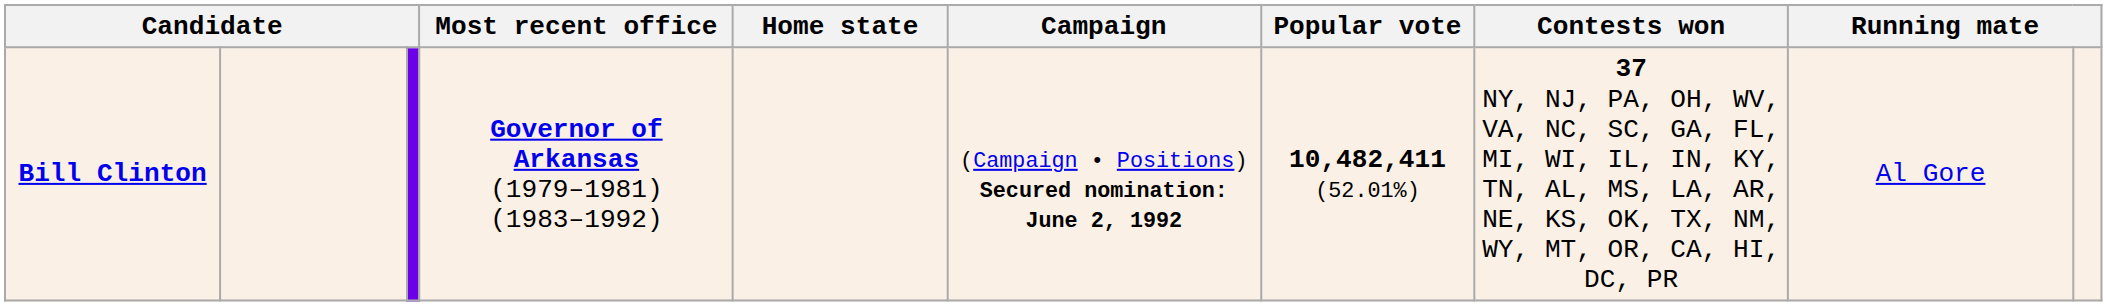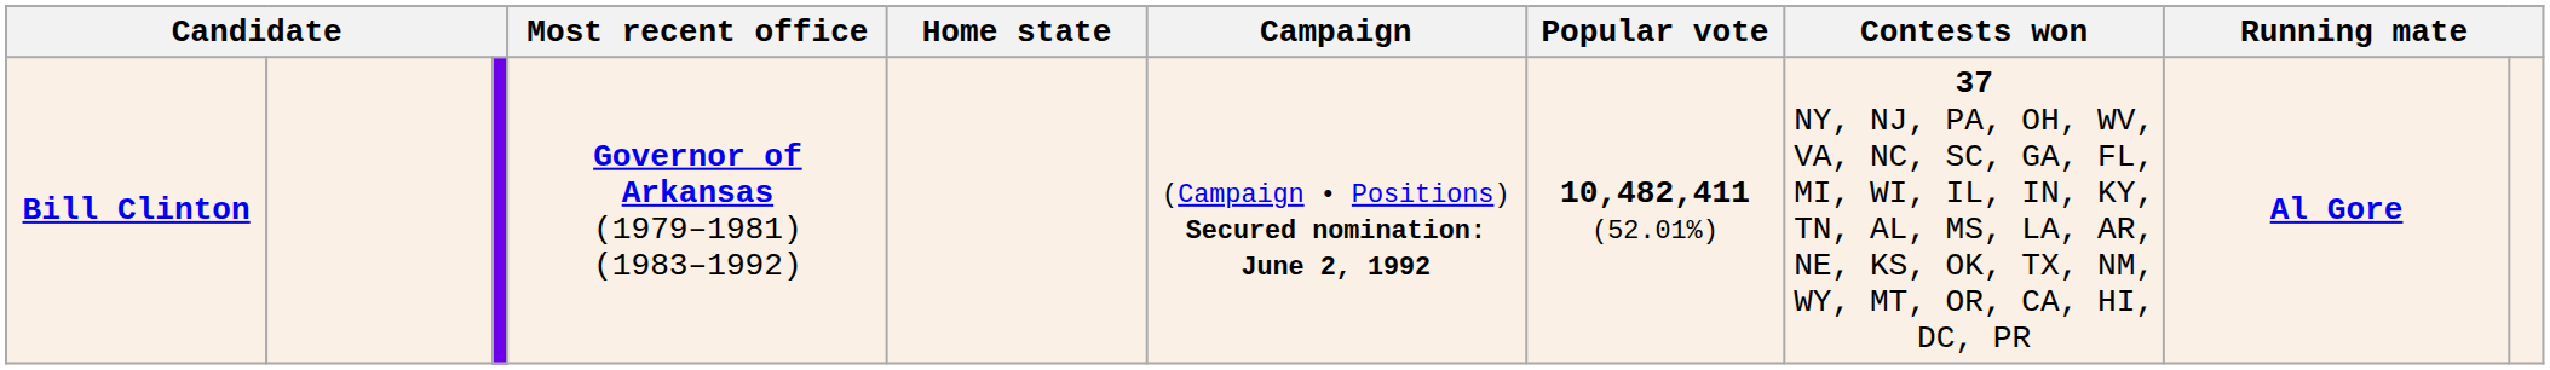 <table class="wikitable sortable" style="text-align:center;">
 <tr>
 <th style="width:200px;" colspan="3">Candidate</th>
 <th style="width:150px;">Most recent office</th>
 <th style="width:100px;">Home state</th>
 <th style="width:150px;">Campaign</th>
 <th style="width:100px;">Popular vote</th>
 <th style="width:150px;">Contests won</th>
 <th style="width:150px;" colspan="2">Running mate</th>
 </tr>
 <tr style="background:linen;">
 <th style="background:linen;" scope="row" data-sort-=""><a href='#'>Bill Clinton</a></th>
 <td style="min-width:80px;"></td>
 <td style="background:#6c00e8;"></td>
 <td><strong><a href='#'>Governor of Arkansas</a></strong><br>(1979–1981)<br>(1983–1992)</td>
 <td></td>
 <td data-sort-value="0"><small><br>(<a href='#'>Campaign</a> • <a href='#'>Positions</a>)<br><strong>Secured nomination:</strong><br><strong>June 2, 1992</strong></small></td>
 <td data-sort-value="10,482,411"><strong>10,482,411</strong><br><small>(52.01%)</small></td>
 <td data-sort-value="37"><strong>37</strong><br>NY, NJ, PA, OH, WV, VA, NC, SC, GA, FL, MI, WI, IL, IN, KY, TN, AL, MS, LA, AR, NE, KS, OK, TX, NM, WY, MT, OR, CA, HI, DC, PR</td>
-<td><a href='#'>Al Gore</a></td>
+<td><strong><a href='#'>Al Gore</a></strong></td>
 <td data-sort-value="Gore"></td>
 </tr>
 </table>
